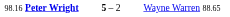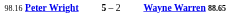 <table style="text-align:center">
 <tr>
 <th width=223></th>
 <th width=100></th>
 <th width=223></th>
 </tr>
 <tr>
 <td align=right><small>98.16</small> <strong><a href='#'>Peter Wright</a></strong> </td>
 <td><strong>5</strong> – 2</td>
-<td align=left> <a href='#'>Wayne Warren</a> <small>88.65</small></td>
+<td align=left><strong> <a href='#'>Wayne Warren</a> <small>88.65</small></strong></td>
 </tr>
 <tr>
 <td align=right></td>
 <td></td>
 <td align=left></td>
 </tr>
 </table>
